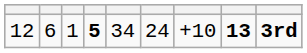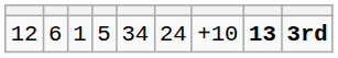 <table class="wikitable">
 <tr>
 <th></th>
 <th></th>
 <th></th>
 <th></th>
 <th></th>
 <th></th>
 <th></th>
 <th></th>
 <th></th>
 </tr>
 <tr>
 <td>12</td>
 <td>6</td>
 <td>1</td>
-<td><strong>5</strong></td>
+<td>5</td>
 <td>34</td>
 <td>24</td>
 <td>+10</td>
 <td><strong>13</strong></td>
 <td><strong>3rd</strong></td>
 </tr>
 </table>
